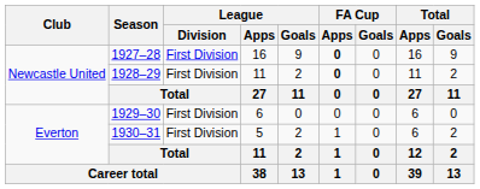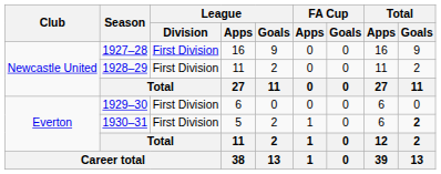 <table class="wikitable" style="text-align:center">
 <tr>
 <th rowspan="2">Club</th>
 <th rowspan="2">Season</th>
 <th colspan="3">League</th>
 <th colspan="2">FA Cup</th>
 <th colspan="2">Total</th>
 </tr>
 <tr>
 <th>Division</th>
 <th>Apps</th>
 <th>Goals</th>
 <th>Apps</th>
 <th>Goals</th>
 <th>Apps</th>
 <th>Goals</th>
 </tr>
 <tr>
 <td rowspan="3"><a href='#'>Newcastle United</a></td>
 <td><a href='#'>1927–28</a></td>
 <td><a href='#'>First Division</a></td>
 <td>16</td>
 <td>9</td>
-<td><strong>0</strong></td>
+<td>0</td>
 <td>0</td>
 <td>16</td>
 <td>9</td>
 </tr>
 <tr>
 <td><a href='#'>1928–29</a></td>
 <td>First Division</td>
 <td>11</td>
 <td>2</td>
-<td><strong>0</strong></td>
+<td>0</td>
 <td>0</td>
 <td>11</td>
 <td>2</td>
 </tr>
 <tr>
 <th colspan="2">Total</th>
 <th>27</th>
 <th>11</th>
 <th>0</th>
 <th>0</th>
 <th>27</th>
 <th>11</th>
 </tr>
 <tr>
 <td rowspan="3"><a href='#'>Everton</a></td>
 <td><a href='#'>1929–30</a></td>
 <td>First Division</td>
 <td>6</td>
 <td>0</td>
 <td>0</td>
 <td>0</td>
 <td>6</td>
 <td>0</td>
 </tr>
 <tr>
 <td><a href='#'>1930–31</a></td>
 <td>First Division</td>
 <td>5</td>
 <td>2</td>
 <td>1</td>
 <td>0</td>
 <td>6</td>
-<td>2</td>
+<td><strong>2</strong></td>
 </tr>
 <tr>
 <th colspan="2">Total</th>
 <th>11</th>
 <th>2</th>
 <th>1</th>
 <th>0</th>
 <th>12</th>
 <th>2</th>
 </tr>
 <tr>
 <th colspan="3">Career total</th>
 <th>38</th>
 <th>13</th>
 <th>1</th>
 <th>0</th>
 <th>39</th>
 <th>13</th>
 </tr>
 </table>
